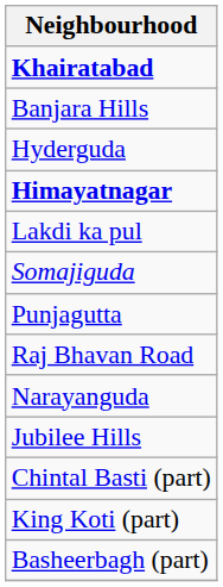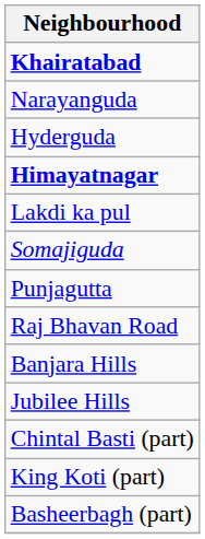 <table class="wikitable sortable static-row-numbers static-row-header-hash">
 <tr>
 <th>Neighbourhood</th>
 </tr>
 <tr>
 <td><strong><a href='#'>Khairatabad</a></strong></td>
 </tr>
 <tr>
-<td><a href='#'>Banjara Hills</a></td>
+<td><a href='#'>Narayanguda</a></td>
 </tr>
 <tr>
 <td><a href='#'>Hyderguda</a></td>
 </tr>
 <tr>
 <td><strong><a href='#'>Himayatnagar</a></strong></td>
 </tr>
 <tr>
 <td><a href='#'>Lakdi ka pul</a></td>
 </tr>
 <tr>
 <td><em><a href='#'>Somajiguda</a></em></td>
 </tr>
 <tr>
 <td><a href='#'>Punjagutta</a></td>
 </tr>
 <tr>
 <td><a href='#'>Raj Bhavan Road</a></td>
 </tr>
 <tr>
-<td><a href='#'>Narayanguda</a></td>
+<td><a href='#'>Banjara Hills</a></td>
 </tr>
 <tr>
 <td><a href='#'>Jubilee Hills</a></td>
 </tr>
 <tr>
 <td><a href='#'>Chintal Basti</a> (part)</td>
 </tr>
 <tr>
 <td><a href='#'>King Koti</a> (part)</td>
 </tr>
 <tr>
 <td><a href='#'>Basheerbagh</a> (part)</td>
 </tr>
 <tr>
 </tr>
 </table>
